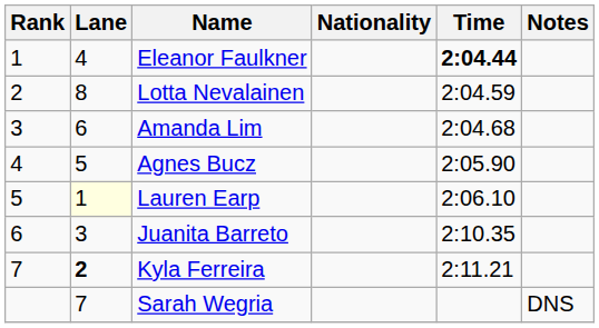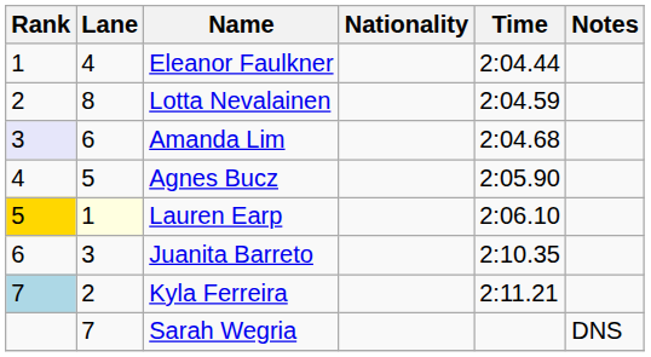 <table class="wikitable">
 <tr>
 <th>Rank</th>
 <th>Lane</th>
 <th>Name</th>
 <th>Nationality</th>
 <th>Time</th>
 <th>Notes</th>
 </tr>
 <tr>
 <td>1</td>
 <td>4</td>
 <td><a href='#'>Eleanor Faulkner</a></td>
 <td></td>
-<td><strong>2:04.44</strong></td>
+<td>2:04.44</td>
 <td></td>
 </tr>
 <tr>
 <td>2</td>
 <td>8</td>
 <td><a href='#'>Lotta Nevalainen</a></td>
 <td></td>
 <td>2:04.59</td>
 <td></td>
 </tr>
 <tr>
-<td>3</td>
+<td style="background: lavender;">3</td>
 <td>6</td>
 <td><a href='#'>Amanda Lim</a></td>
 <td></td>
 <td>2:04.68</td>
 <td></td>
 </tr>
 <tr>
 <td>4</td>
 <td>5</td>
 <td><a href='#'>Agnes Bucz</a></td>
 <td></td>
 <td>2:05.90</td>
 <td></td>
 </tr>
 <tr>
-<td>5</td>
+<td style="background: gold;">5</td>
 <td style="background: lightyellow;">1</td>
 <td><a href='#'>Lauren Earp</a></td>
 <td></td>
 <td>2:06.10</td>
 <td></td>
 </tr>
 <tr>
 <td>6</td>
 <td>3</td>
 <td><a href='#'>Juanita Barreto</a></td>
 <td></td>
 <td>2:10.35</td>
 <td></td>
 </tr>
 <tr>
-<td>7</td>
-<td><strong>2</strong></td>
+<td style="background: lightblue;">7</td>
+<td>2</td>
 <td><a href='#'>Kyla Ferreira</a></td>
 <td></td>
 <td>2:11.21</td>
 <td></td>
 </tr>
 <tr>
 <td></td>
 <td>7</td>
 <td><a href='#'>Sarah Wegria</a></td>
 <td></td>
 <td></td>
 <td>DNS</td>
 </tr>
 <tr>
 </tr>
 </table>
